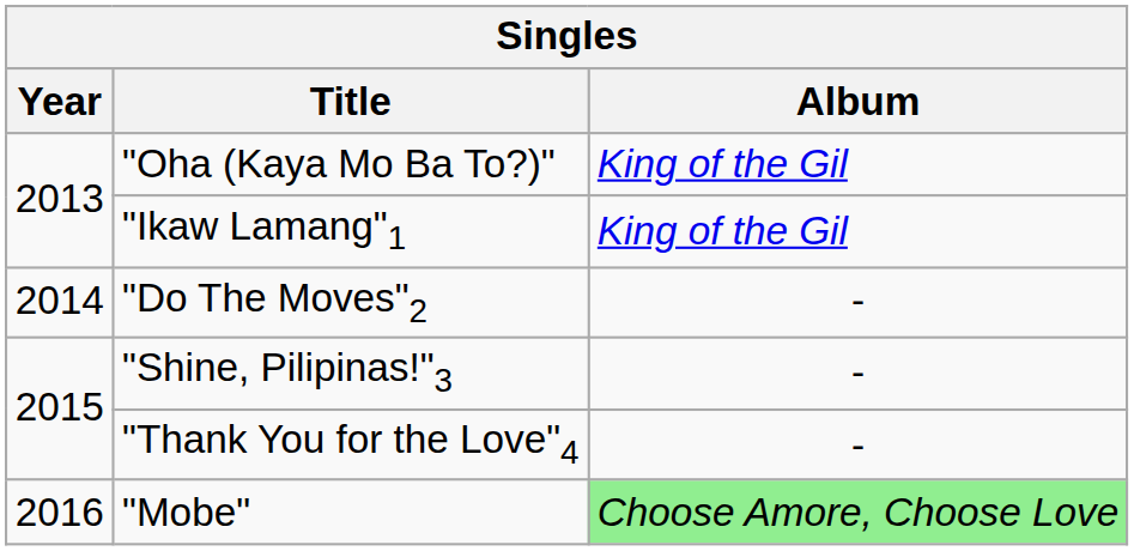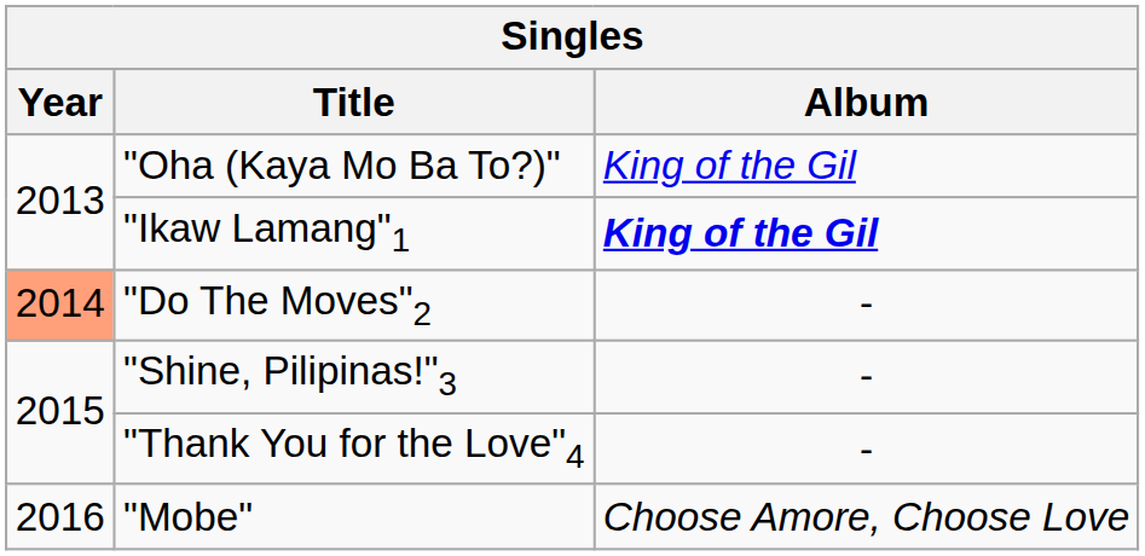 <table class="wikitable">
 <tr>
 <th colspan="5">Singles </th>
 </tr>
 <tr style="background:#ccc; text-align:center;"|>
 <th>Year</th>
 <th>Title</th>
 <th>Album</th>
 </tr>
 <tr>
 <td rowspan="2">2013</td>
 <td>"Oha (Kaya Mo Ba To?)"</td>
 <td><em><a href='#'>King of the Gil</a></em></td>
 </tr>
 <tr>
 <td>"Ikaw Lamang"<sub>1</sub></td>
-<td><em><a href='#'>King of the Gil</a></em></td>
+<td><strong><em><a href='#'>King of the Gil</a></em></strong></td>
 </tr>
 <tr>
-<td>2014</td>
+<td style="background: lightsalmon;">2014</td>
 <td>"Do The Moves"<sub>2</sub></td>
 <td style="text-align:center;">-</td>
 </tr>
 <tr>
 <td rowspan="2">2015</td>
 <td>"Shine, Pilipinas!"<sub>3</sub></td>
 <td style="text-align:center;">-</td>
 </tr>
 <tr>
 <td>"Thank You for the Love"<sub>4</sub></td>
 <td style="text-align:center;">-</td>
 </tr>
 <tr>
 <td>2016</td>
 <td>"Mobe"</td>
-<td style="background: lightgreen;"><em>Choose Amore, Choose Love</em></td>
+<td><em>Choose Amore, Choose Love</em></td>
 </tr>
 </table>
